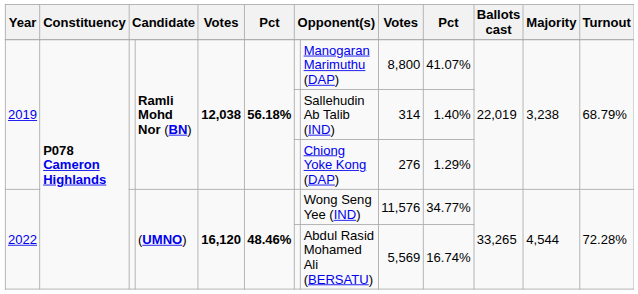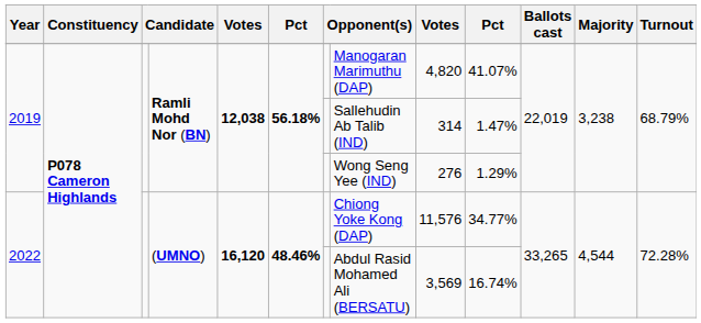 <table class="wikitable" style="margin:0.5em ; font-size:95%">
 <tr>
 <th>Year</th>
 <th>Constituency</th>
 <th colspan=2>Candidate</th>
 <th>Votes</th>
 <th>Pct</th>
 <th colspan=2>Opponent(s)</th>
 <th>Votes</th>
 <th>Pct</th>
 <th>Ballots cast</th>
 <th>Majority</th>
 <th>Turnout</th>
 </tr>
 <tr>
 </tr>
 <tr>
 <td rowspan="3"><a href='#'>2019</a></td>
 <td rowspan="5"><strong>P078 <a href='#'>Cameron Highlands</a></strong></td>
 <td rowspan="3" ></td>
 <td rowspan="3"><strong>Ramli Mohd Nor</strong> (<a href='#'><strong>BN</strong></a>)</td>
 <td rowspan="3" align="right"><strong>12,038</strong></td>
 <td rowspan="3"><strong>56.18%</strong></td>
 <td></td>
 <td><a href='#'>Manogaran Marimuthu</a> (<a href='#'>DAP</a>)</td>
-<td align="right">8,800</td>
+<td align="right">4,820</td>
 <td>41.07%</td>
 <td rowspan="3">22,019</td>
 <td rowspan="3">3,238</td>
 <td rowspan="3">68.79%</td>
 </tr>
 <tr>
 <td></td>
 <td>Sallehudin Ab Talib (<a href='#'>IND</a>)</td>
 <td align="right">314</td>
-<td align="right">1.40%</td>
+<td align="right">1.47%</td>
 </tr>
 <tr>
 <td></td>
-<td><a href='#'>Chiong Yoke Kong</a> (<a href='#'>DAP</a>)</td>
+<td>Wong Seng Yee (<a href='#'>IND</a>)</td>
 <td align="right">276</td>
 <td align="right">1.29%</td>
 </tr>
 <tr>
 <td rowspan="2"><a href='#'>2022</a></td>
 <td rowspan="2" ></td>
 <td rowspan="2"><strong></strong> (<a href='#'><strong>UMNO</strong></a>)</td>
 <td rowspan="2" align="right"><strong>16,120</strong></td>
 <td rowspan="2"><strong>48.46%</strong></td>
 <td></td>
-<td>Wong Seng Yee (<a href='#'>IND</a>)</td>
+<td><a href='#'>Chiong Yoke Kong</a> (<a href='#'>DAP</a>)</td>
 <td align="right">11,576</td>
 <td>34.77%</td>
 <td rowspan="2">33,265</td>
 <td rowspan="2">4,544</td>
 <td rowspan="2">72.28%</td>
 </tr>
 <tr>
 <td bgcolor=></td>
 <td>Abdul Rasid Mohamed Ali (<a href='#'>BERSATU</a>)</td>
-<td align="right">5,569</td>
+<td align="right">3,569</td>
 <td>16.74%</td>
 </tr>
 </table>
